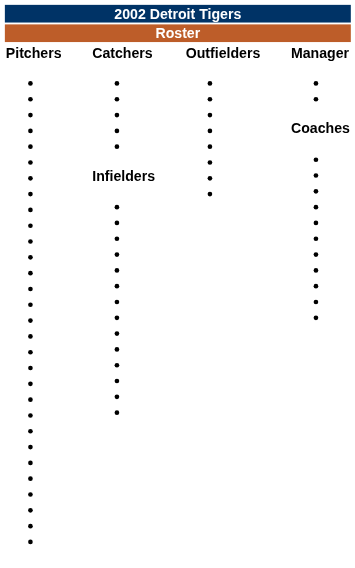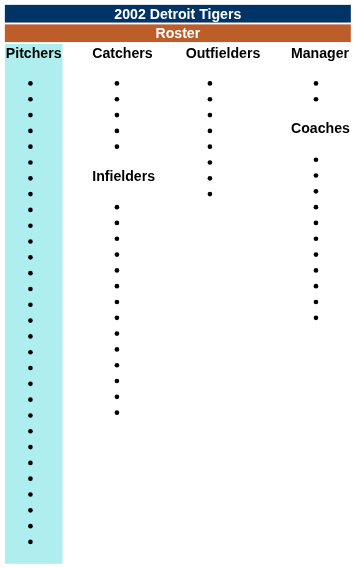 <table class="toccolours" style="font-size: 95%;">
 <tr>
 <th colspan="10" style="background-color: #003366; color: white; text-align: center;">2002 Detroit Tigers</th>
 </tr>
 <tr>
 <td colspan="10" style="background-color: #bd5d29; color: white; text-align: center;"><strong>Roster</strong></td>
 </tr>
 <tr>
-<td valign="top"><strong>Pitchers</strong><br><ul><li></li><li></li><li></li><li></li><li></li><li></li><li></li><li></li><li></li><li></li><li></li><li></li><li></li><li></li><li></li><li></li><li></li><li></li><li></li><li></li><li></li><li></li><li></li><li></li><li></li><li></li><li></li><li></li><li></li><li></li></ul></td>
+<td valign="top" style="background: paleturquoise;"><strong>Pitchers</strong><br><ul><li></li><li></li><li></li><li></li><li></li><li></li><li></li><li></li><li></li><li></li><li></li><li></li><li></li><li></li><li></li><li></li><li></li><li></li><li></li><li></li><li></li><li></li><li></li><li></li><li></li><li></li><li></li><li></li><li></li><li></li></ul></td>
 <td width="25px"></td>
 <td valign="top"><strong>Catchers</strong><br><ul><li></li><li></li><li></li><li></li><li></li></ul><strong>Infielders</strong><ul><li></li><li></li><li></li><li></li><li></li><li></li><li></li><li></li><li></li><li></li><li></li><li></li><li></li><li></li></ul></td>
 <td width="25px"></td>
 <td valign="top"><strong>Outfielders</strong><br><ul><li></li><li></li><li></li><li></li><li></li><li></li><li></li><li></li></ul></td>
 <td width="25px"></td>
 <td valign="top"><strong>Manager</strong><br><ul><li></li><li></li></ul><strong>Coaches</strong><ul><li></li><li></li><li></li><li></li><li></li><li></li><li></li><li></li><li></li><li></li><li></li></ul></td>
 </tr>
 <tr>
 </tr>
 </table>
